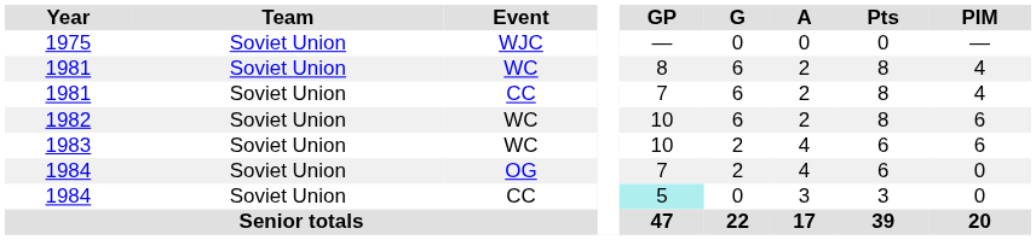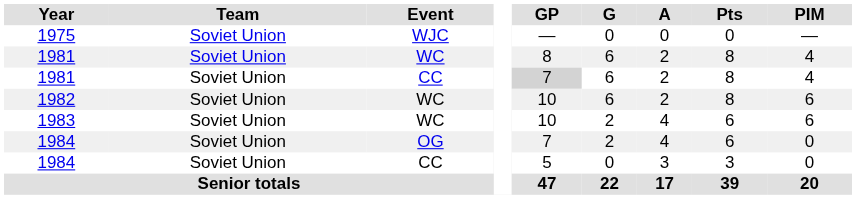 <table border="0" cellpadding="1" cellspacing="0" style="text-align:center; width:50em">
 <tr ALIGN="center" bgcolor="#e0e0e0">
 <th>Year</th>
 <th>Team</th>
 <th>Event</th>
 <th ALIGN="center" rowspan="99" bgcolor="#ffffff"> </th>
 <th>GP</th>
 <th>G</th>
 <th>A</th>
 <th>Pts</th>
 <th>PIM</th>
 </tr>
 <tr>
 <td><a href='#'>1975</a></td>
 <td><a href='#'>Soviet Union</a></td>
 <td><a href='#'>WJC</a></td>
 <td>—</td>
 <td>0</td>
 <td>0</td>
 <td>0</td>
 <td>—</td>
 </tr>
 <tr bgcolor="#f0f0f0">
 <td><a href='#'>1981</a></td>
 <td><a href='#'>Soviet Union</a></td>
 <td><a href='#'>WC</a></td>
 <td>8</td>
 <td>6</td>
 <td>2</td>
 <td>8</td>
 <td>4</td>
 </tr>
 <tr>
 <td><a href='#'>1981</a></td>
 <td>Soviet Union</td>
 <td><a href='#'>CC</a></td>
-<td>7</td>
+<td style="background: lightgrey;">7</td>
 <td>6</td>
 <td>2</td>
 <td>8</td>
 <td>4</td>
 </tr>
 <tr bgcolor="#f0f0f0">
 <td><a href='#'>1982</a></td>
 <td>Soviet Union</td>
 <td>WC</td>
 <td>10</td>
 <td>6</td>
 <td>2</td>
 <td>8</td>
 <td>6</td>
 </tr>
 <tr>
 <td><a href='#'>1983</a></td>
 <td>Soviet Union</td>
 <td>WC</td>
 <td>10</td>
 <td>2</td>
 <td>4</td>
 <td>6</td>
 <td>6</td>
 </tr>
 <tr bgcolor="#f0f0f0">
 <td><a href='#'>1984</a></td>
 <td>Soviet Union</td>
 <td><a href='#'>OG</a></td>
 <td>7</td>
 <td>2</td>
 <td>4</td>
 <td>6</td>
 <td>0</td>
 </tr>
 <tr>
 <td><a href='#'>1984</a></td>
 <td>Soviet Union</td>
 <td>CC</td>
-<td style="background: paleturquoise;">5</td>
+<td>5</td>
 <td>0</td>
 <td>3</td>
 <td>3</td>
 <td>0</td>
 </tr>
 <tr bgcolor="#e0e0e0">
 <th colspan="3">Senior totals</th>
 <th>47</th>
 <th>22</th>
 <th>17</th>
 <th>39</th>
 <th>20</th>
 </tr>
 </table>
